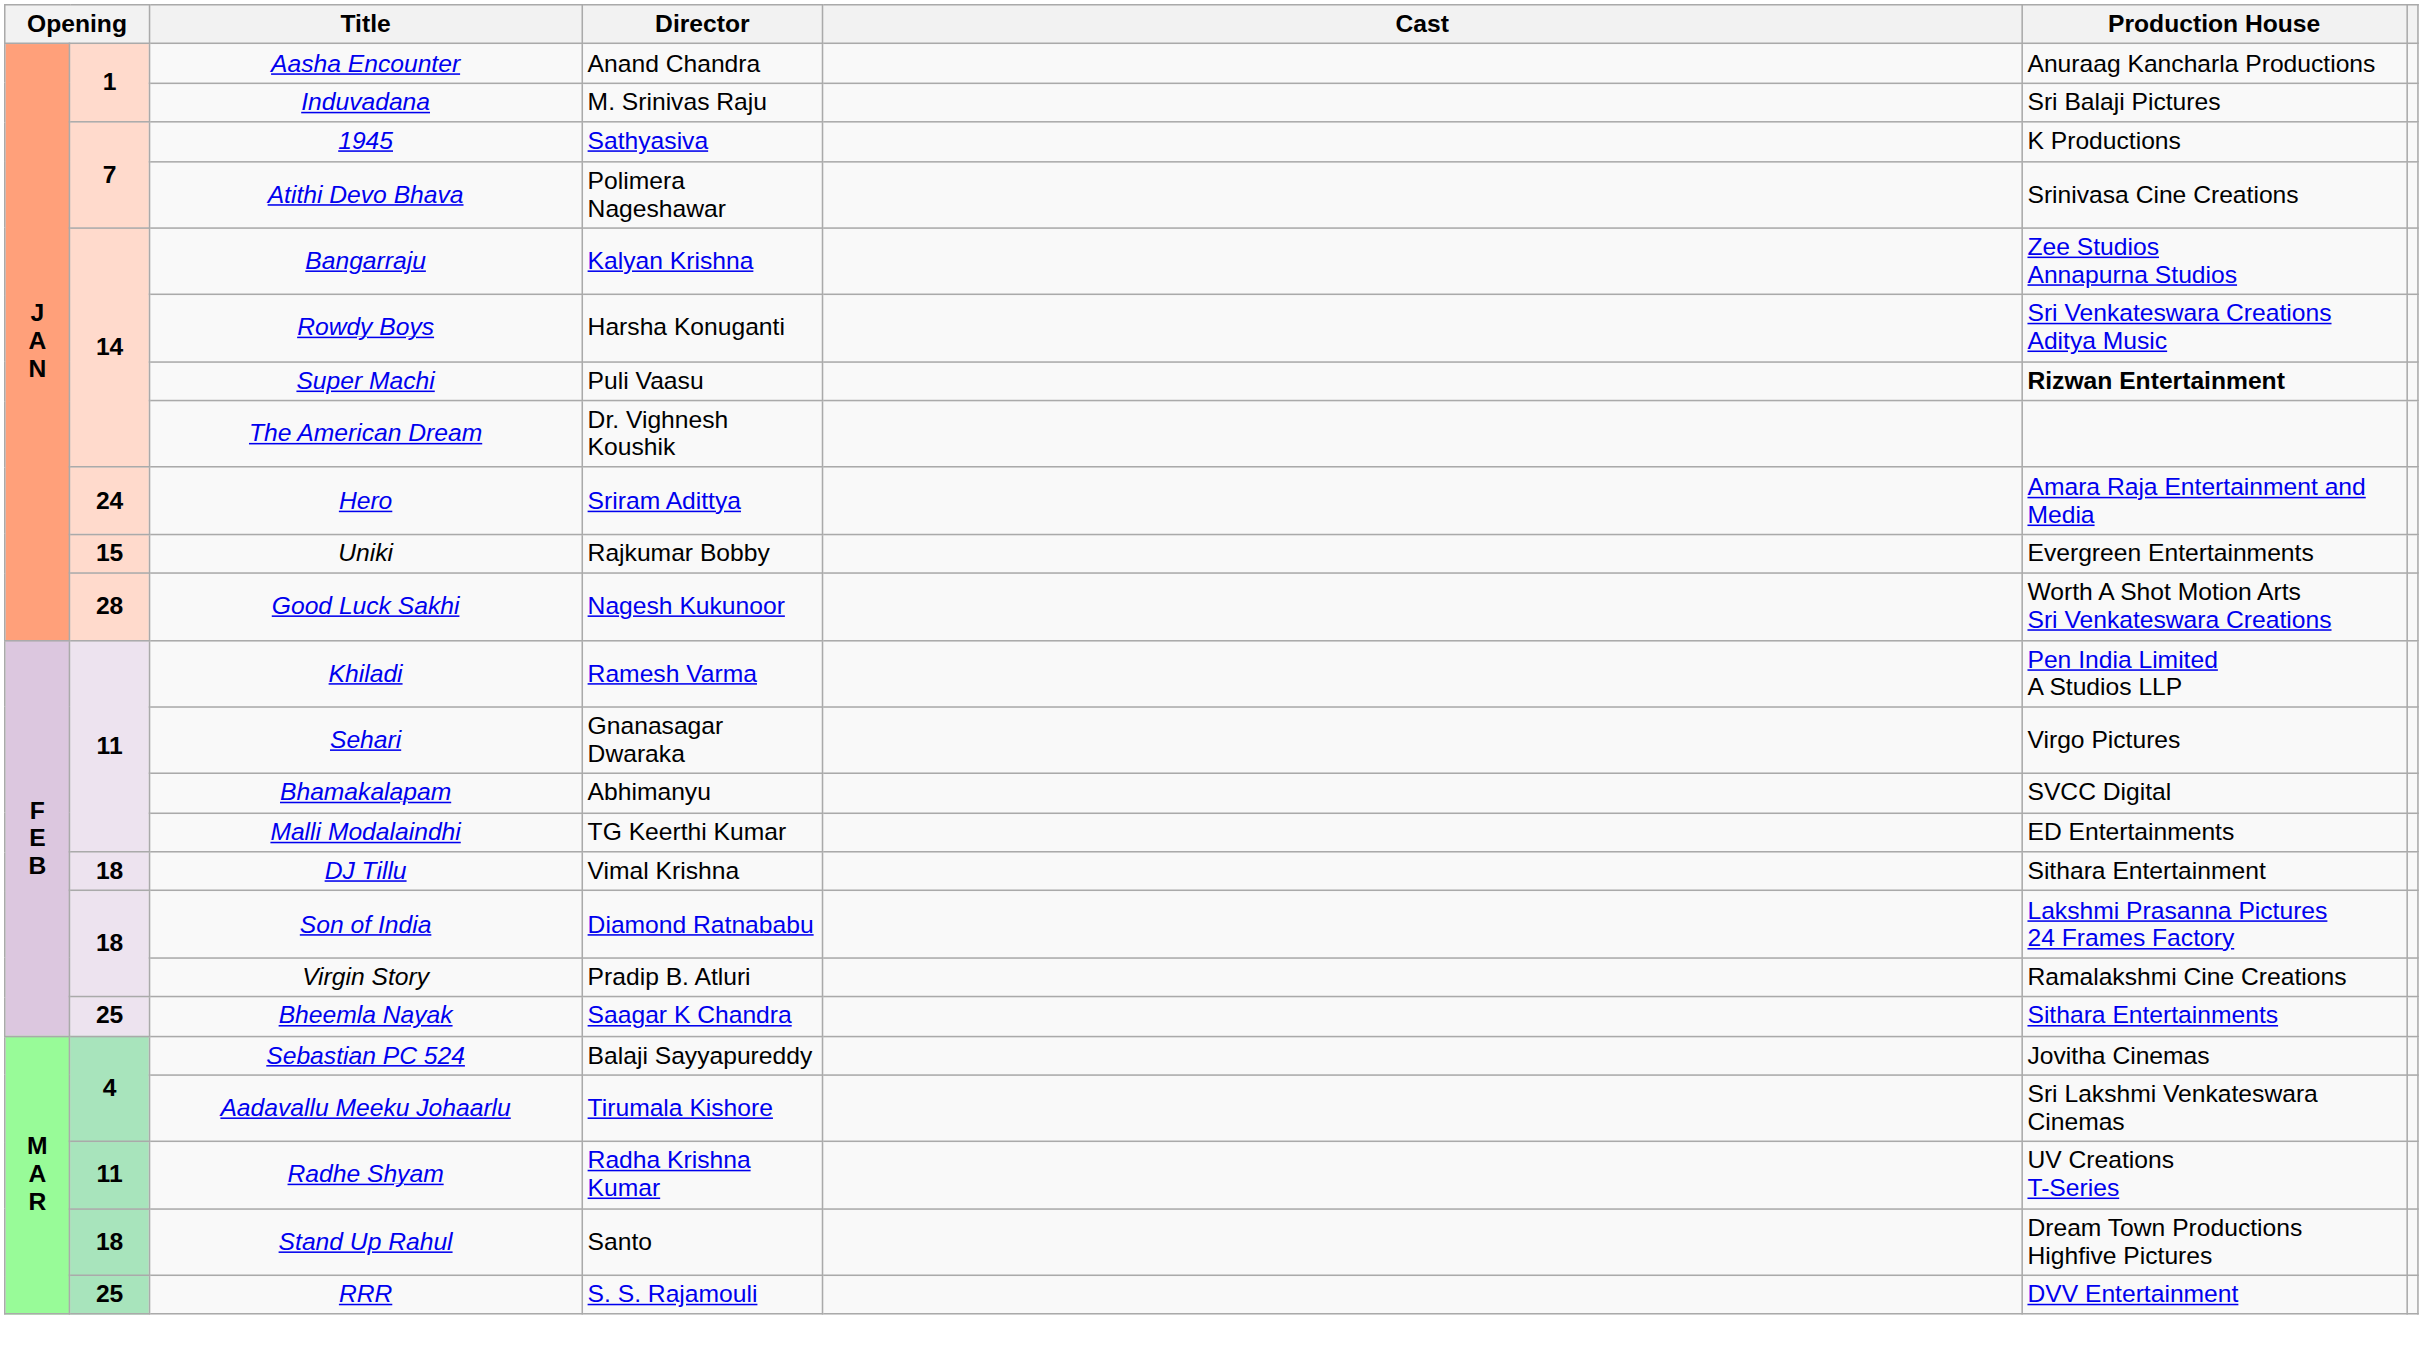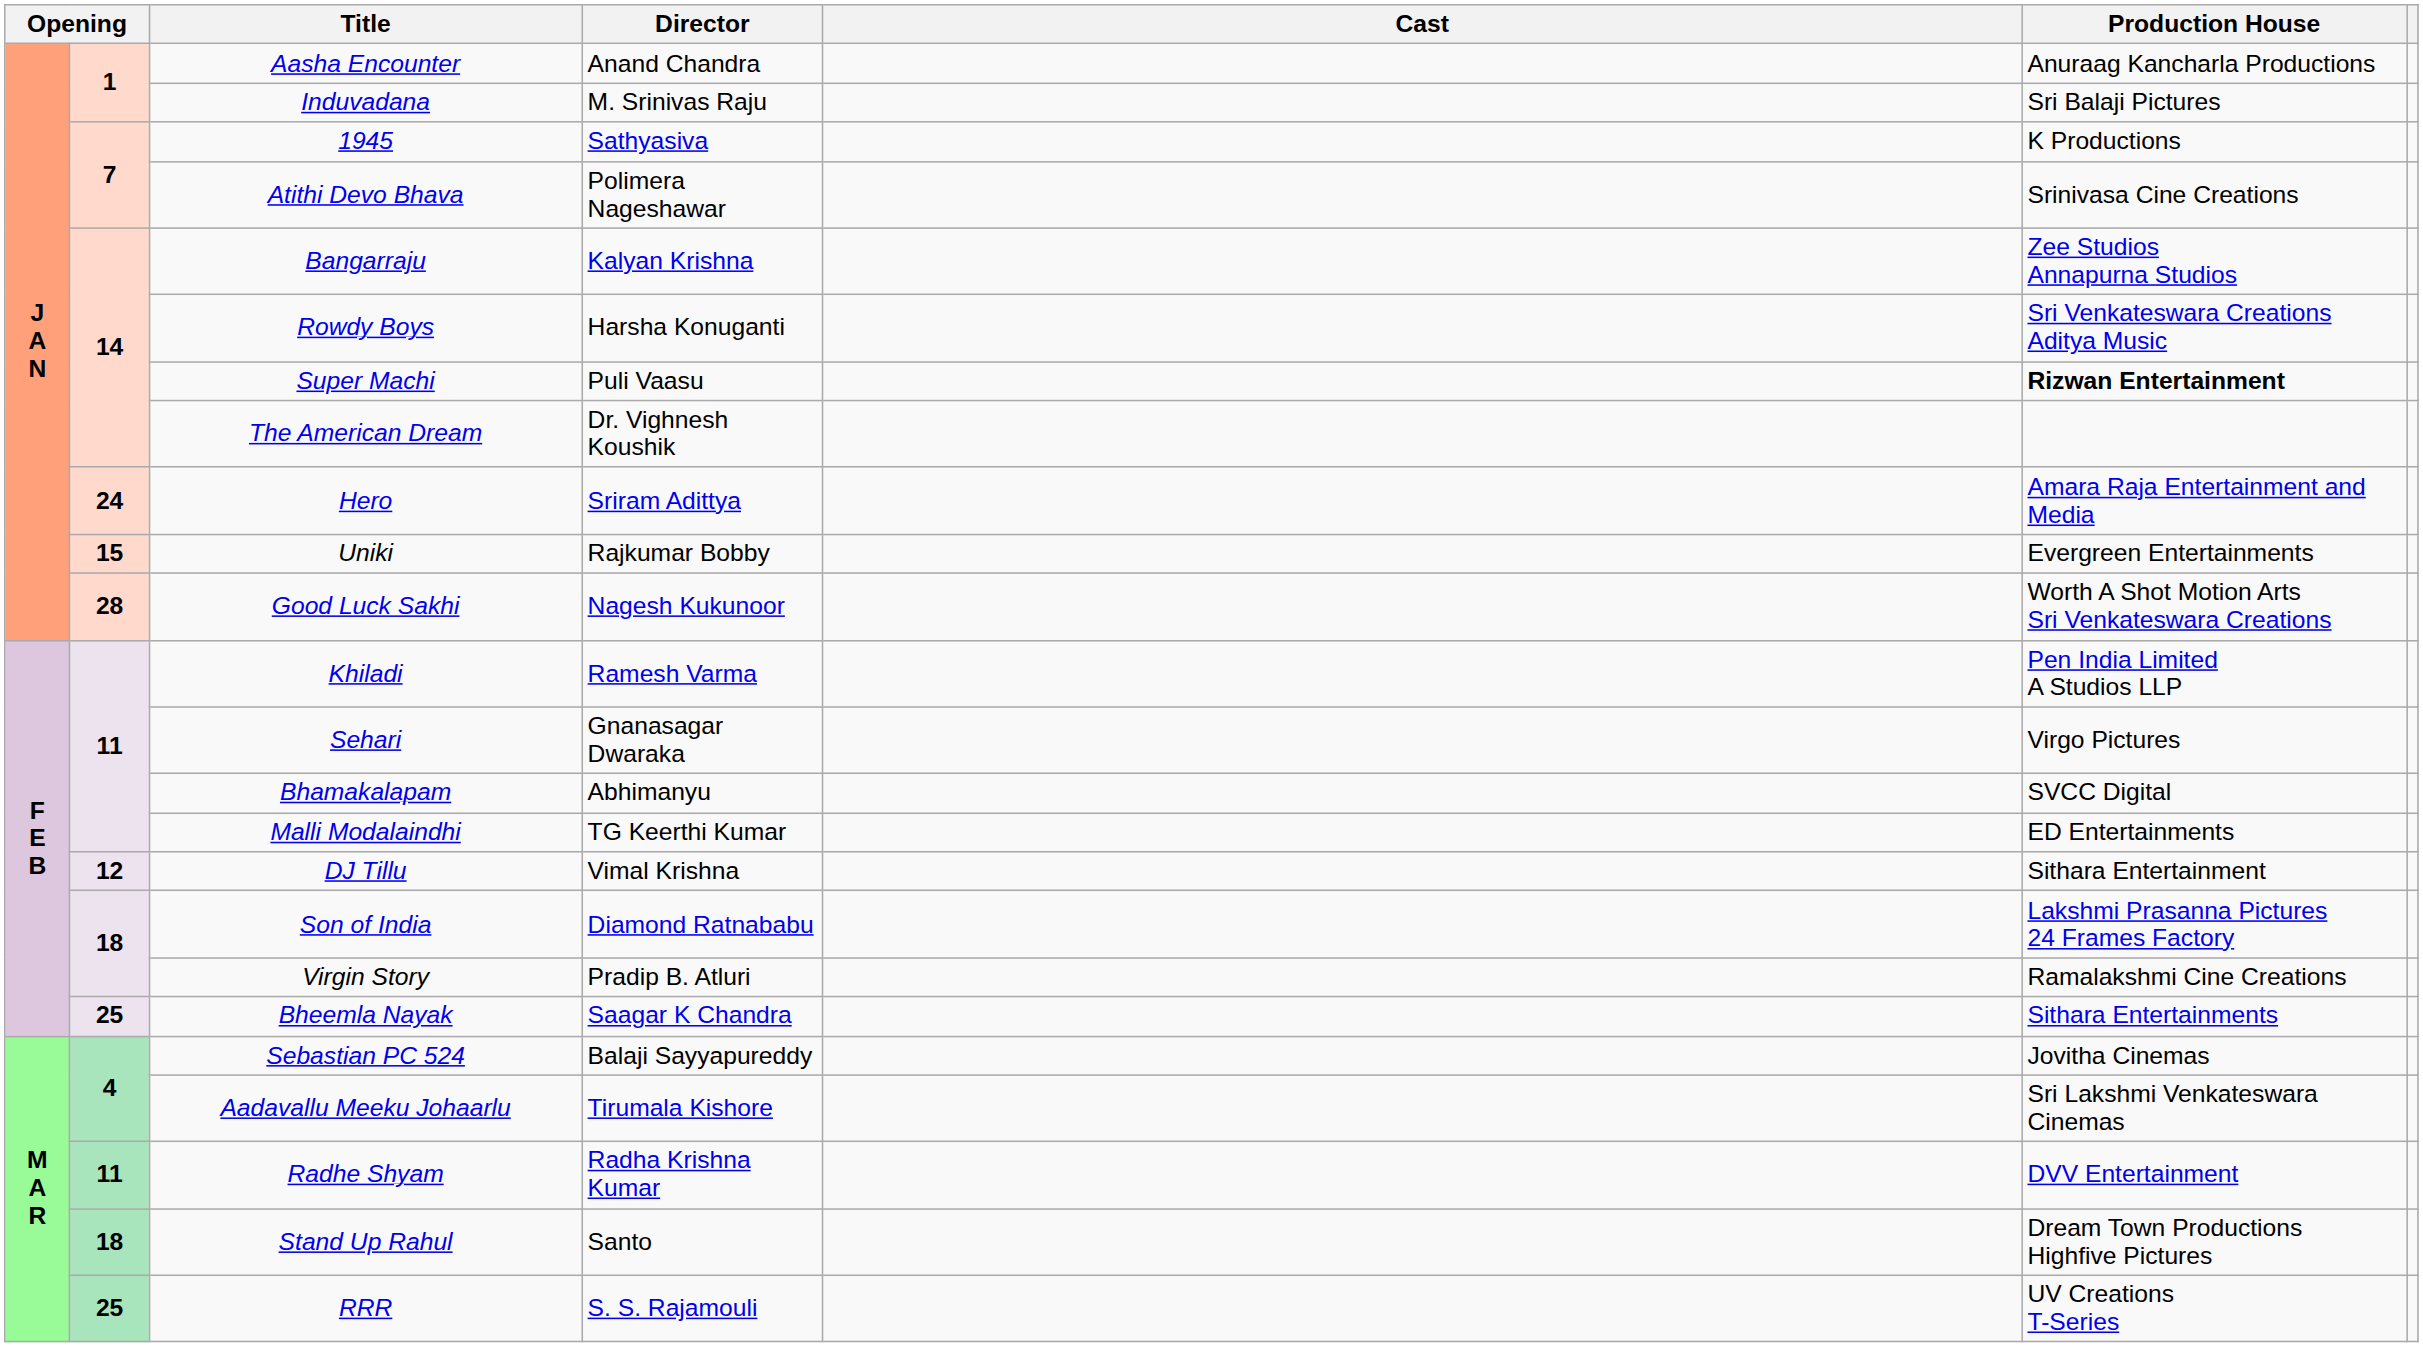 <table class="wikitable sortable">
 <tr>
 <th colspan="2" style="width:6%;"><strong>Opening</strong></th>
 <th style="width:18%;"><strong>Title</strong></th>
 <th style="width:10%;"><strong>Director</strong></th>
 <th style="width:50%;"><strong>Cast</strong></th>
 <th style="width:25%;"><strong>Production House</strong></th>
 <th style="width:1%;" class="unsortable"></th>
 </tr>
 <tr>
 <td rowspan="11" style="text-align:center;background:#ffa07a;textcolor:#000;"><strong>J<br>A<br>N</strong></td>
 <td rowspan="2" style="text-align:center; background:#ffdacc;"><strong>1</strong></td>
 <td style="text-align:center;"><em><a href='#'>Aasha Encounter</a></em></td>
 <td>Anand Chandra</td>
 <td></td>
 <td>Anuraag Kancharla Productions</td>
 <td></td>
 </tr>
 <tr>
 <td style="text-align:center;"><em><a href='#'>Induvadana</a></em></td>
 <td>M. Srinivas Raju</td>
 <td></td>
 <td>Sri Balaji Pictures</td>
 <td></td>
 </tr>
 <tr>
 <td rowspan="2" style="text-align:center; background:#ffdacc;"><strong>7</strong></td>
 <td style="text-align:center;"><em><a href='#'>1945</a></em></td>
 <td><a href='#'>Sathyasiva</a></td>
 <td></td>
 <td>K Productions</td>
 <td></td>
 </tr>
 <tr>
 <td style="text-align:center;"><a href='#'><em>Atithi Devo Bhava</em></a></td>
 <td>Polimera Nageshawar</td>
 <td></td>
 <td>Srinivasa Cine Creations</td>
 <td></td>
 </tr>
 <tr>
 <td rowspan="4" style="text-align:center; background:#ffdacc;"><strong>14</strong></td>
 <td style="text-align:center;"><em><a href='#'>Bangarraju</a></em></td>
 <td><a href='#'>Kalyan Krishna</a></td>
 <td></td>
 <td><a href='#'>Zee Studios</a> <br><a href='#'>Annapurna Studios</a></td>
 <td></td>
 </tr>
 <tr>
 <td style="text-align:center;"><em><a href='#'>Rowdy Boys</a></em></td>
 <td>Harsha Konuganti</td>
 <td></td>
 <td><a href='#'>Sri Venkateswara Creations</a><br><a href='#'>Aditya Music</a></td>
 <td></td>
 </tr>
 <tr>
 <td style="text-align:center;"><em><a href='#'>Super Machi</a></em></td>
 <td>Puli Vaasu</td>
 <td></td>
 <td><strong>Rizwan Entertainment</strong></td>
 <td></td>
 </tr>
 <tr>
 <td style="text-align:center;"><em><a href='#'>The American Dream</a></em></td>
 <td>Dr. Vighnesh Koushik</td>
 <td></td>
 <td></td>
 <td></td>
 </tr>
 <tr>
 <td style="text-align:center; background:#ffdacc;"><strong>24</strong></td>
 <td style="text-align:center;"><em><a href='#'>Hero</a></em></td>
 <td><a href='#'>Sriram Adittya</a></td>
 <td></td>
 <td><a href='#'>Amara Raja Entertainment and Media</a></td>
 <td></td>
 </tr>
 <tr>
 <td style="text-align:center; background:#ffdacc;"><strong>15</strong></td>
 <td style="text-align:center;"><em>Uniki</em></td>
 <td>Rajkumar Bobby</td>
 <td></td>
 <td>Evergreen Entertainments</td>
 <td></td>
 </tr>
 <tr>
 <td style="text-align:center; background:#ffdacc;"><strong>28</strong></td>
 <td style="text-align:center;"><em><a href='#'>Good Luck Sakhi</a></em></td>
 <td><a href='#'>Nagesh Kukunoor</a></td>
 <td></td>
 <td>Worth A Shot Motion Arts <br><a href='#'>Sri Venkateswara Creations</a></td>
 <td></td>
 </tr>
 <tr February!>
 <td rowspan="8" style="text-align:center; background:#dcc7df; textcolor:#000;"><strong>F<br>E<br>B</strong></td>
 <td rowspan="4" style="text-align:center; background:#ede3ef;"><strong>11</strong></td>
 <td style="text-align:center;"><em><a href='#'>Khiladi</a></em></td>
 <td><a href='#'>Ramesh Varma</a></td>
 <td></td>
 <td><a href='#'>Pen India Limited</a><br>A Studios LLP</td>
 <td></td>
 </tr>
 <tr>
 <td style="text-align:center;"><em><a href='#'>Sehari</a></em></td>
 <td>Gnanasagar Dwaraka</td>
 <td></td>
 <td>Virgo Pictures</td>
 <td></td>
 </tr>
 <tr>
 <td style="text-align:center;"><a href='#'><em>Bhamakalapam</em></a></td>
 <td>Abhimanyu</td>
 <td></td>
 <td>SVCC Digital</td>
 <td></td>
 </tr>
 <tr>
 <td style="text-align:center;"><em><a href='#'>Malli Modalaindhi</a></em></td>
 <td>TG Keerthi Kumar</td>
 <td></td>
 <td>ED Entertainments</td>
 <td></td>
 </tr>
 <tr>
-<td style="text-align:center; background:#ede3ef;"><strong>18</strong></td>
+<td style="text-align:center; background:#ede3ef;"><strong>12</strong></td>
 <td style="text-align:center;"><em><a href='#'>DJ Tillu</a></em></td>
 <td>Vimal Krishna</td>
 <td></td>
 <td>Sithara Entertainment</td>
 <td></td>
 </tr>
 <tr>
 <td rowspan="2" style="text-align:center; background:#ede3ef;"><strong>18</strong></td>
 <td style="text-align:center;"><em><a href='#'>Son of India</a></em></td>
 <td><a href='#'>Diamond Ratnababu</a></td>
 <td></td>
 <td><a href='#'>Lakshmi Prasanna Pictures</a><br><a href='#'>24 Frames Factory</a></td>
 <td></td>
 </tr>
 <tr>
 <td style="text-align:center;"><em>Virgin Story</em></td>
 <td>Pradip B. Atluri</td>
 <td></td>
 <td>Ramalakshmi Cine Creations</td>
 <td></td>
 </tr>
 <tr>
 <td style="text-align:center; background:#ede3ef;"><strong>25</strong></td>
 <td style="text-align:center;"><em><a href='#'>Bheemla Nayak</a></em></td>
 <td><a href='#'>Saagar K Chandra</a></td>
 <td></td>
 <td><a href='#'>Sithara Entertainments</a></td>
 <td></td>
 </tr>
 <tr March!>
 <td rowspan="6" style="text-align:center; background:#98fb98; textcolor:#000;"><strong>M<br>A<br>R</strong></td>
 <td rowspan="2" style="text-align:center; background:#a8e4bc;"><strong>4</strong></td>
 <td style="text-align:center;"><em><a href='#'>Sebastian PC 524</a></em></td>
 <td>Balaji Sayyapureddy</td>
 <td></td>
 <td>Jovitha Cinemas</td>
 <td></td>
 </tr>
 <tr>
 <td style="text-align:center;"><em><a href='#'>Aadavallu Meeku Johaarlu</a></em></td>
 <td><a href='#'>Tirumala Kishore</a></td>
 <td></td>
 <td>Sri Lakshmi Venkateswara Cinemas</td>
 <td></td>
 </tr>
 <tr>
 <td style="text-align:center; background:#a8e4bc;"><strong>11</strong></td>
 <td style="text-align:center;"><em><a href='#'>Radhe Shyam</a></em></td>
 <td><a href='#'>Radha Krishna Kumar</a></td>
 <td></td>
-<td>UV Creations<br><a href='#'>T-Series</a></td>
+<td><a href='#'>DVV Entertainment</a></td>
 <td></td>
 </tr>
 <tr>
 <td style="text-align:center; background:#a8e4bc;"><strong>18</strong></td>
 <td style="text-align:center;"><em><a href='#'>Stand Up Rahul</a></em></td>
 <td>Santo</td>
 <td></td>
 <td>Dream Town Productions<br>Highfive Pictures</td>
 <td></td>
 </tr>
 <tr>
 <td style="text-align:center; background:#a8e4bc;"><strong>25</strong></td>
 <td style="text-align:center;"><em><a href='#'>RRR</a></em></td>
 <td><a href='#'>S. S. Rajamouli</a></td>
 <td></td>
-<td><a href='#'>DVV Entertainment</a></td>
+<td>UV Creations<br><a href='#'>T-Series</a></td>
 <td></td>
 </tr>
 </table>
